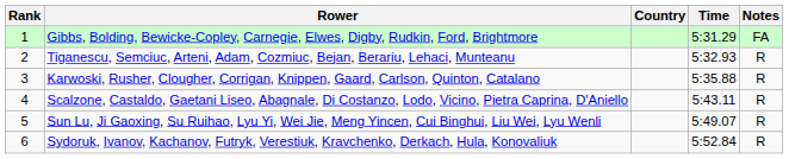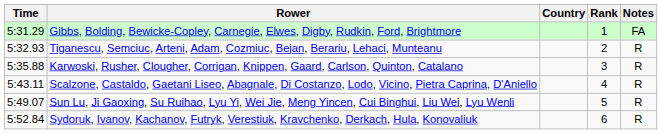 <table class="wikitable" style="text-align:center">
 <tr>
-<th>Rank</th>
+<th>Time</th>
 <th>Rower</th>
 <th>Country</th>
-<th>Time</th>
+<th>Rank</th>
 <th>Notes</th>
 </tr>
 <tr bgcolor=ccffcc>
-<td>1</td>
+<td>5:31.29</td>
 <td align="left"><a href='#'>Gibbs</a>, <a href='#'>Bolding</a>, <a href='#'>Bewicke-Copley</a>, <a href='#'>Carnegie</a>, <a href='#'>Elwes</a>, <a href='#'>Digby</a>, <a href='#'>Rudkin</a>, <a href='#'>Ford</a>, <a href='#'>Brightmore</a></td>
 <td align="left"></td>
-<td>5:31.29</td>
+<td>1</td>
 <td>FA</td>
 </tr>
 <tr>
-<td>2</td>
+<td>5:32.93</td>
 <td align="left"><a href='#'>Tiganescu</a>, <a href='#'>Semciuc</a>, <a href='#'>Arteni</a>, <a href='#'>Adam</a>, <a href='#'>Cozmiuc</a>, <a href='#'>Bejan</a>, <a href='#'>Berariu</a>, <a href='#'>Lehaci</a>, <a href='#'>Munteanu</a></td>
 <td align="left"></td>
-<td>5:32.93</td>
+<td>2</td>
 <td>R</td>
 </tr>
 <tr>
-<td>3</td>
+<td>5:35.88</td>
 <td align="left"><a href='#'>Karwoski</a>, <a href='#'>Rusher</a>, <a href='#'>Clougher</a>, <a href='#'>Corrigan</a>, <a href='#'>Knippen</a>, <a href='#'>Gaard</a>, <a href='#'>Carlson</a>, <a href='#'>Quinton</a>, <a href='#'>Catalano</a></td>
 <td align="left"></td>
-<td>5:35.88</td>
+<td>3</td>
 <td>R</td>
 </tr>
 <tr>
-<td>4</td>
+<td>5:43.11</td>
 <td align="left"><a href='#'>Scalzone</a>, <a href='#'>Castaldo</a>, <a href='#'>Gaetani Liseo</a>, <a href='#'>Abagnale</a>, <a href='#'>Di Costanzo</a>, <a href='#'>Lodo</a>, <a href='#'>Vicino</a>, <a href='#'>Pietra Caprina</a>, <a href='#'>D'Aniello</a></td>
 <td align="left"></td>
-<td>5:43.11</td>
+<td>4</td>
 <td>R</td>
 </tr>
 <tr>
-<td>5</td>
+<td>5:49.07</td>
 <td align="left"><a href='#'>Sun Lu</a>, <a href='#'>Ji Gaoxing</a>, <a href='#'>Su Ruihao</a>, <a href='#'>Lyu Yi</a>, <a href='#'>Wei Jie</a>, <a href='#'>Meng Yincen</a>, <a href='#'>Cui Binghui</a>, <a href='#'>Liu Wei</a>, <a href='#'>Lyu Wenli</a></td>
 <td align="left"></td>
-<td>5:49.07</td>
+<td>5</td>
 <td>R</td>
 </tr>
 <tr>
-<td>6</td>
+<td>5:52.84</td>
 <td align="left"><a href='#'>Sydoruk</a>, <a href='#'>Ivanov</a>, <a href='#'>Kachanov</a>, <a href='#'>Futryk</a>, <a href='#'>Verestiuk</a>, <a href='#'>Kravchenko</a>, <a href='#'>Derkach</a>, <a href='#'>Hula</a>, <a href='#'>Konovaliuk</a></td>
 <td align="left"></td>
-<td>5:52.84</td>
+<td>6</td>
 <td>R</td>
 </tr>
 </table>
